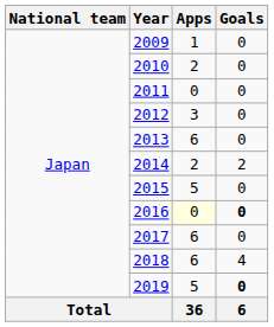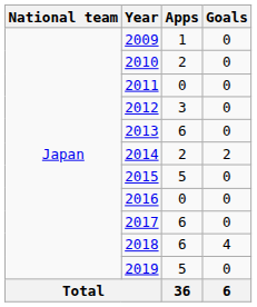 <table class="wikitable" style="text-align:center">
 <tr>
 <th>National team</th>
 <th>Year</th>
 <th>Apps</th>
 <th>Goals</th>
 </tr>
 <tr>
 <td rowspan="11"><a href='#'>Japan</a></td>
 <td><a href='#'>2009</a></td>
 <td>1</td>
 <td>0</td>
 </tr>
 <tr>
 <td><a href='#'>2010</a></td>
 <td>2</td>
 <td>0</td>
 </tr>
 <tr>
 <td><a href='#'>2011</a></td>
 <td>0</td>
 <td>0</td>
 </tr>
 <tr>
 <td><a href='#'>2012</a></td>
 <td>3</td>
 <td>0</td>
 </tr>
 <tr>
 <td><a href='#'>2013</a></td>
 <td>6</td>
 <td>0</td>
 </tr>
 <tr>
 <td><a href='#'>2014</a></td>
 <td>2</td>
 <td>2</td>
 </tr>
 <tr>
 <td><a href='#'>2015</a></td>
 <td>5</td>
 <td>0</td>
 </tr>
 <tr>
 <td><a href='#'>2016</a></td>
-<td style="background: lightyellow;">0</td>
-<td><strong>0</strong></td>
+<td>0</td>
+<td>0</td>
 </tr>
 <tr>
 <td><a href='#'>2017</a></td>
 <td>6</td>
 <td>0</td>
 </tr>
 <tr>
 <td><a href='#'>2018</a></td>
 <td>6</td>
 <td>4</td>
 </tr>
 <tr>
 <td><a href='#'>2019</a></td>
 <td>5</td>
-<td><strong>0</strong></td>
+<td>0</td>
 </tr>
 <tr>
 <th colspan="2">Total</th>
 <th>36</th>
 <th>6</th>
 </tr>
 </table>
